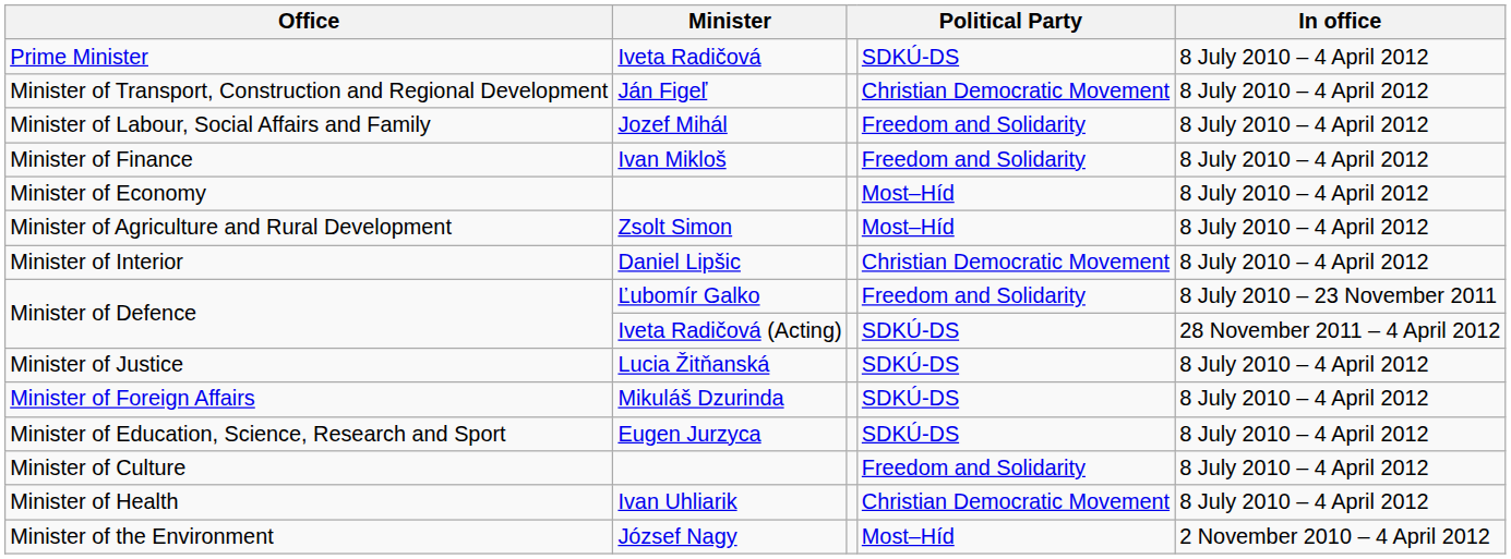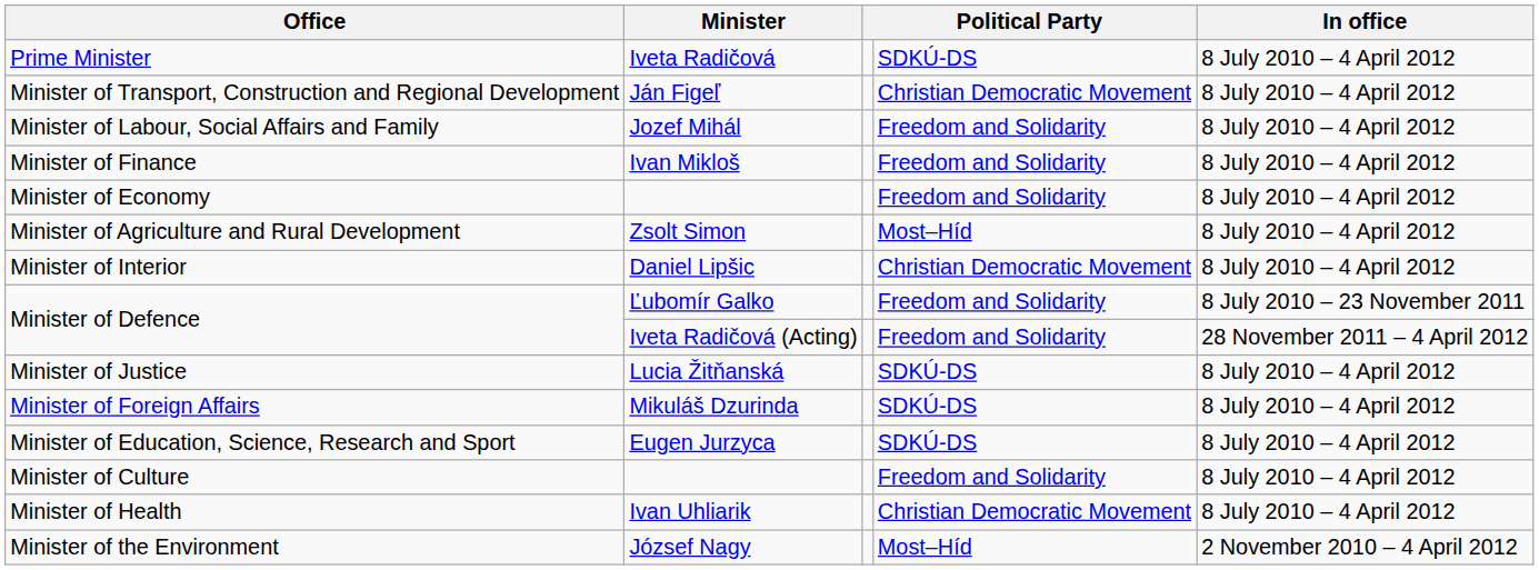 <table class="wikitable">
 <tr>
 <th>Office</th>
 <th>Minister</th>
 <th colspan=2>Political Party</th>
 <th>In office</th>
 </tr>
 <tr>
 <td><a href='#'>Prime Minister</a></td>
 <td><a href='#'>Iveta Radičová</a></td>
 <td style="background-color: "></td>
 <td><a href='#'>SDKÚ-DS</a></td>
 <td>8 July 2010 – 4 April 2012</td>
 </tr>
 <tr>
 <td>Minister of Transport, Construction and Regional Development</td>
 <td><a href='#'>Ján Figeľ</a></td>
 <td style="background-color: "></td>
 <td><a href='#'>Christian Democratic Movement</a></td>
 <td>8 July 2010 – 4 April 2012</td>
 </tr>
 <tr>
 <td>Minister of Labour, Social Affairs and Family</td>
 <td><a href='#'>Jozef Mihál</a></td>
 <td style="background-color: "></td>
 <td><a href='#'>Freedom and Solidarity</a></td>
 <td>8 July 2010 – 4 April 2012</td>
 </tr>
 <tr>
 <td>Minister of Finance</td>
 <td><a href='#'>Ivan Mikloš</a></td>
 <td style="background-color: "></td>
 <td><a href='#'>Freedom and Solidarity</a></td>
 <td>8 July 2010 – 4 April 2012</td>
 </tr>
 <tr>
 <td>Minister of Economy</td>
 <td></td>
 <td style="background-color: "></td>
-<td><a href='#'>Most–Híd</a></td>
+<td><a href='#'>Freedom and Solidarity</a></td>
 <td>8 July 2010 – 4 April 2012</td>
 </tr>
 <tr>
 <td>Minister of Agriculture and Rural Development</td>
 <td><a href='#'>Zsolt Simon</a></td>
 <td style="background-color: "></td>
 <td><a href='#'>Most–Híd</a></td>
 <td>8 July 2010 – 4 April 2012</td>
 </tr>
 <tr>
 <td>Minister of Interior</td>
 <td><a href='#'>Daniel Lipšic</a></td>
 <td style="background-color: "></td>
 <td><a href='#'>Christian Democratic Movement</a></td>
 <td>8 July 2010 – 4 April 2012</td>
 </tr>
 <tr>
 <td rowspan=2>Minister of Defence</td>
 <td><a href='#'>Ľubomír Galko</a></td>
 <td style="background-color: "></td>
 <td><a href='#'>Freedom and Solidarity</a></td>
 <td>8 July 2010 – 23 November 2011</td>
 </tr>
 <tr>
 <td><a href='#'>Iveta Radičová</a> (Acting)</td>
 <td style="background-color: "></td>
-<td><a href='#'>SDKÚ-DS</a></td>
+<td><a href='#'>Freedom and Solidarity</a></td>
 <td>28 November 2011 – 4 April 2012</td>
 </tr>
 <tr>
 <td>Minister of Justice</td>
 <td><a href='#'>Lucia Žitňanská</a></td>
 <td style="background-color: "></td>
 <td><a href='#'>SDKÚ-DS</a></td>
 <td>8 July 2010 – 4 April 2012</td>
 </tr>
 <tr>
 <td><a href='#'>Minister of Foreign Affairs</a></td>
 <td><a href='#'>Mikuláš Dzurinda</a></td>
 <td style="background-color: "></td>
 <td><a href='#'>SDKÚ-DS</a></td>
 <td>8 July 2010 – 4 April 2012</td>
 </tr>
 <tr>
 <td>Minister of Education, Science, Research and Sport</td>
 <td><a href='#'>Eugen Jurzyca</a></td>
 <td style="background-color: "></td>
 <td><a href='#'>SDKÚ-DS</a></td>
 <td>8 July 2010 – 4 April 2012</td>
 </tr>
 <tr>
 <td>Minister of Culture</td>
 <td></td>
 <td style="background-color: "></td>
 <td><a href='#'>Freedom and Solidarity</a></td>
 <td>8 July 2010 – 4 April 2012</td>
 </tr>
 <tr>
 <td>Minister of Health</td>
 <td><a href='#'>Ivan Uhliarik</a></td>
 <td style="background-color: "></td>
 <td><a href='#'>Christian Democratic Movement</a></td>
 <td>8 July 2010 – 4 April 2012</td>
 </tr>
 <tr>
 <td>Minister of the Environment</td>
 <td><a href='#'>József Nagy</a></td>
 <td style="background-color: "></td>
 <td><a href='#'>Most–Híd</a></td>
 <td>2 November 2010 – 4 April 2012</td>
 </tr>
 </table>
